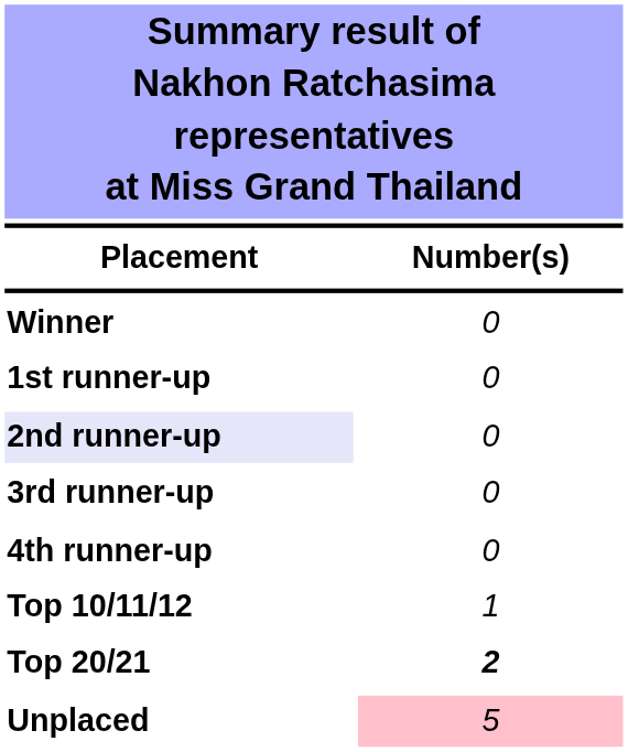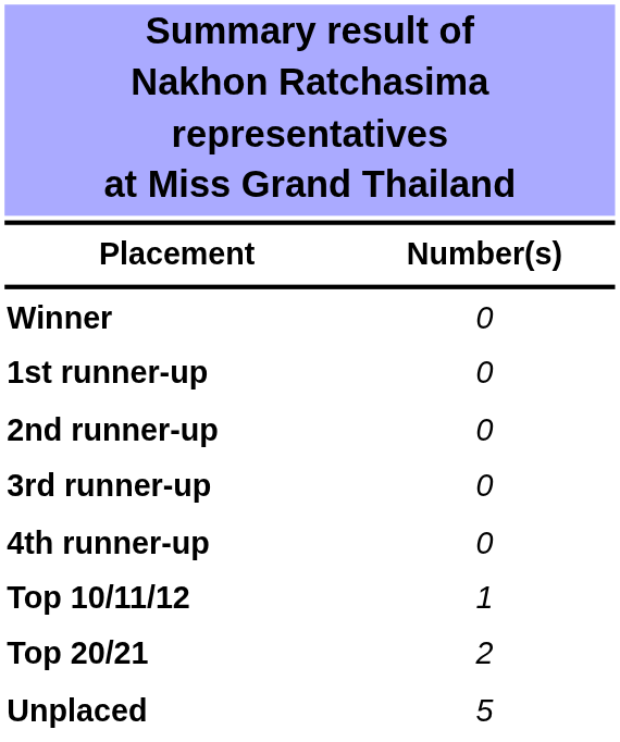 <table style="width: 270px; font-size:85%; line-height:1.5em;">
 <tr>
 <th colspan="2" align="center" style="background:#AAF;"><big>Summary result of<br>Nakhon Ratchasima representatives<br>at Miss Grand Thailand</big></th>
 </tr>
 <tr>
 <td colspan="2" style="background:black"></td>
 </tr>
 <tr>
 <th scope="col">Placement</th>
 <th scope="col">Number(s)</th>
 </tr>
 <tr>
 <td colspan="2" style="background:black"></td>
 </tr>
 <tr>
 <td align="left"><strong>Winner</strong></td>
 <td align="center"><em>0</em></td>
 </tr>
 <tr>
 <td align="left"><strong>1st runner-up</strong></td>
 <td align="center"><em>0</em></td>
 </tr>
 <tr>
-<td align="left" style="background: lavender;"><strong>2nd runner-up</strong></td>
+<td align="left"><strong>2nd runner-up</strong></td>
 <td align="center"><em>0</em></td>
 </tr>
 <tr>
 <td align="left"><strong>3rd runner-up</strong></td>
 <td align="center"><em>0</em></td>
 </tr>
 <tr>
 <td align="left"><strong>4th runner-up</strong></td>
 <td align="center"><em>0</em></td>
 </tr>
 <tr>
 <td align="left"><strong>Top 10/11/12</strong></td>
 <td align="center"><em>1</em></td>
 </tr>
 <tr>
 <td align="left"><strong>Top 20/21</strong></td>
-<td align="center"><strong><em>2</em></strong></td>
+<td align="center"><em>2</em></td>
 </tr>
 <tr>
 <td align="left"><strong>Unplaced</strong></td>
-<td align="center" style="background: pink;"><em>5</em></td>
+<td align="center"><em>5</em></td>
 </tr>
 </table>
